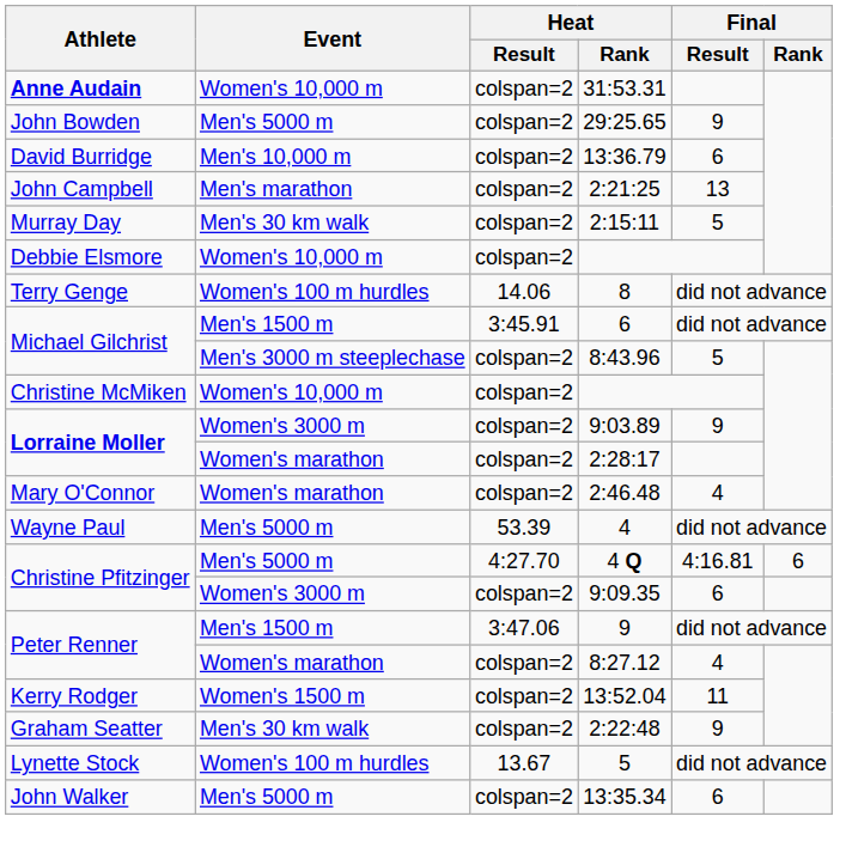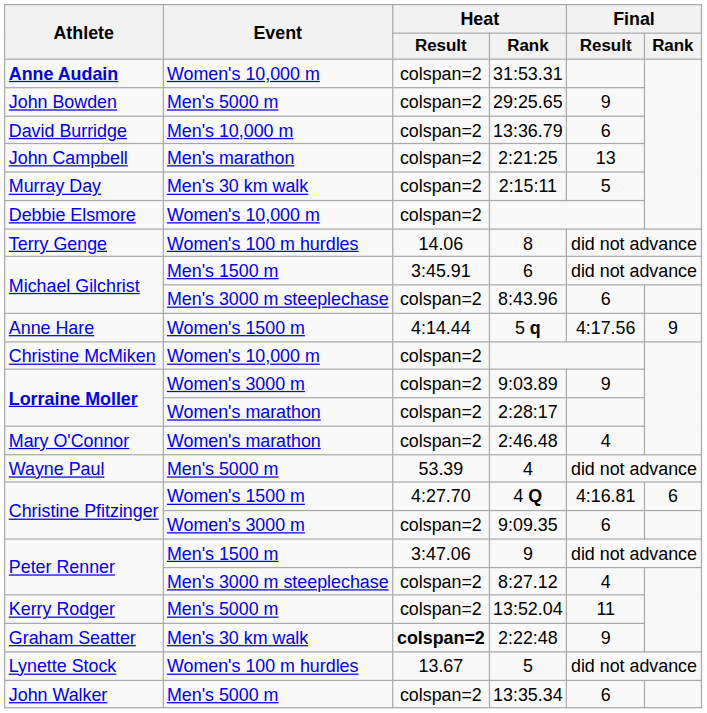 <table class=wikitable style=font-size:90%>
 <tr>
 <th rowspan=2>Athlete</th>
 <th rowspan=2>Event</th>
 <th colspan=2>Heat</th>
 <th colspan=2>Final</th>
 </tr>
 <tr style=font-size:95%>
 <th>Result</th>
 <th>Rank</th>
 <th>Result</th>
 <th>Rank</th>
 </tr>
 <tr align=center>
 <td align=left><strong><a href='#'>Anne Audain</a></strong></td>
 <td align=left><a href='#'>Women's 10,000 m</a></td>
 <td>colspan=2 </td>
 <td>31:53.31</td>
 <td></td>
 </tr>
 <tr align=center>
 <td align=left><a href='#'>John Bowden</a></td>
 <td align=left><a href='#'>Men's 5000 m</a></td>
 <td>colspan=2 </td>
 <td>29:25.65</td>
 <td>9</td>
 </tr>
 <tr align=center>
 <td align=left><a href='#'>David Burridge</a></td>
 <td align=left><a href='#'>Men's 10,000 m</a></td>
 <td>colspan=2 </td>
 <td>13:36.79</td>
 <td>6</td>
 </tr>
 <tr align=center>
 <td align=left><a href='#'>John Campbell</a></td>
 <td align=left><a href='#'>Men's marathon</a></td>
 <td>colspan=2 </td>
 <td>2:21:25</td>
 <td>13</td>
 </tr>
 <tr align=center>
 <td align=left><a href='#'>Murray Day</a></td>
 <td align=left><a href='#'>Men's 30 km walk</a></td>
 <td>colspan=2 </td>
 <td>2:15:11</td>
 <td>5</td>
 </tr>
 <tr align=center>
 <td align=left><a href='#'>Debbie Elsmore</a></td>
 <td align=left><a href='#'>Women's 10,000 m</a></td>
 <td>colspan=2 </td>
 <td colspan=2></td>
 </tr>
 <tr align=center>
 <td align=left><a href='#'>Terry Genge</a></td>
 <td align=left><a href='#'>Women's 100 m hurdles</a></td>
 <td>14.06</td>
 <td>8</td>
 <td colspan=2>did not advance</td>
 </tr>
 <tr align=center>
 <td align=left rowspan=2><a href='#'>Michael Gilchrist</a></td>
 <td align=left><a href='#'>Men's 1500 m</a></td>
 <td>3:45.91</td>
 <td>6</td>
 <td colspan=2>did not advance</td>
 </tr>
 <tr align=center>
 <td align=left><a href='#'>Men's 3000 m steeplechase</a></td>
 <td>colspan=2 </td>
 <td>8:43.96</td>
-<td>5</td>
+<td>6</td>
+</tr>
+<tr align=center>
+<td align=left><a href='#'>Anne Hare</a></td>
+<td align=left><a href='#'>Women's 1500 m</a></td>
+<td>4:14.44</td>
+<td>5 <strong>q</strong></td>
+<td>4:17.56</td>
+<td>9</td>
 </tr>
 <tr align=center>
 <td align=left><a href='#'>Christine McMiken</a></td>
 <td align=left><a href='#'>Women's 10,000 m</a></td>
 <td>colspan=2 </td>
 <td colspan=2></td>
 </tr>
 <tr align=center>
 <td align=left rowspan=2><strong><a href='#'>Lorraine Moller</a></strong></td>
 <td align=left><a href='#'>Women's 3000 m</a></td>
 <td>colspan=2 </td>
 <td>9:03.89</td>
 <td>9</td>
 </tr>
 <tr align=center>
 <td align=left><a href='#'>Women's marathon</a></td>
 <td>colspan=2 </td>
 <td>2:28:17</td>
 <td></td>
 </tr>
 <tr align=center>
 <td align=left><a href='#'>Mary O'Connor</a></td>
 <td align=left><a href='#'>Women's marathon</a></td>
 <td>colspan=2 </td>
 <td>2:46.48</td>
 <td>4</td>
 </tr>
 <tr align=center>
 <td align=left><a href='#'>Wayne Paul</a></td>
 <td align=left><a href='#'>Men's 5000 m</a></td>
 <td>53.39</td>
 <td>4</td>
 <td colspan=2>did not advance</td>
 </tr>
 <tr align=center>
 <td align=left rowspan=2><a href='#'>Christine Pfitzinger</a></td>
-<td align=left><a href='#'>Men's 5000 m</a></td>
+<td align=left><a href='#'>Women's 1500 m</a></td>
 <td>4:27.70</td>
 <td>4 <strong>Q</strong></td>
 <td>4:16.81</td>
 <td>6</td>
 </tr>
 <tr align=center>
 <td align=left><a href='#'>Women's 3000 m</a></td>
 <td>colspan=2 </td>
 <td>9:09.35</td>
 <td>6</td>
 </tr>
 <tr align=center>
 <td align=left rowspan=2><a href='#'>Peter Renner</a></td>
 <td align=left><a href='#'>Men's 1500 m</a></td>
 <td>3:47.06</td>
 <td>9</td>
 <td colspan=2>did not advance</td>
 </tr>
 <tr align=center>
-<td align=left><a href='#'>Women's marathon</a></td>
+<td align=left><a href='#'>Men's 3000 m steeplechase</a></td>
 <td>colspan=2 </td>
 <td>8:27.12</td>
 <td>4</td>
 </tr>
 <tr align=center>
 <td align=left><a href='#'>Kerry Rodger</a></td>
-<td align=left><a href='#'>Women's 1500 m</a></td>
+<td align=left><a href='#'>Men's 5000 m</a></td>
 <td>colspan=2 </td>
 <td>13:52.04</td>
 <td>11</td>
 </tr>
 <tr align=center>
 <td align=left><a href='#'>Graham Seatter</a></td>
 <td align=left><a href='#'>Men's 30 km walk</a></td>
-<td>colspan=2 </td>
+<td><strong>colspan=2 </strong></td>
 <td>2:22:48</td>
 <td>9</td>
 </tr>
 <tr align=center>
 <td align=left><a href='#'>Lynette Stock</a></td>
 <td align=left><a href='#'>Women's 100 m hurdles</a></td>
 <td>13.67</td>
 <td>5</td>
 <td colspan=2>did not advance</td>
 </tr>
 <tr align=center>
 <td align=left><a href='#'>John Walker</a></td>
 <td align=left><a href='#'>Men's 5000 m</a></td>
 <td>colspan=2 </td>
 <td>13:35.34</td>
 <td>6</td>
 </tr>
 </table>
